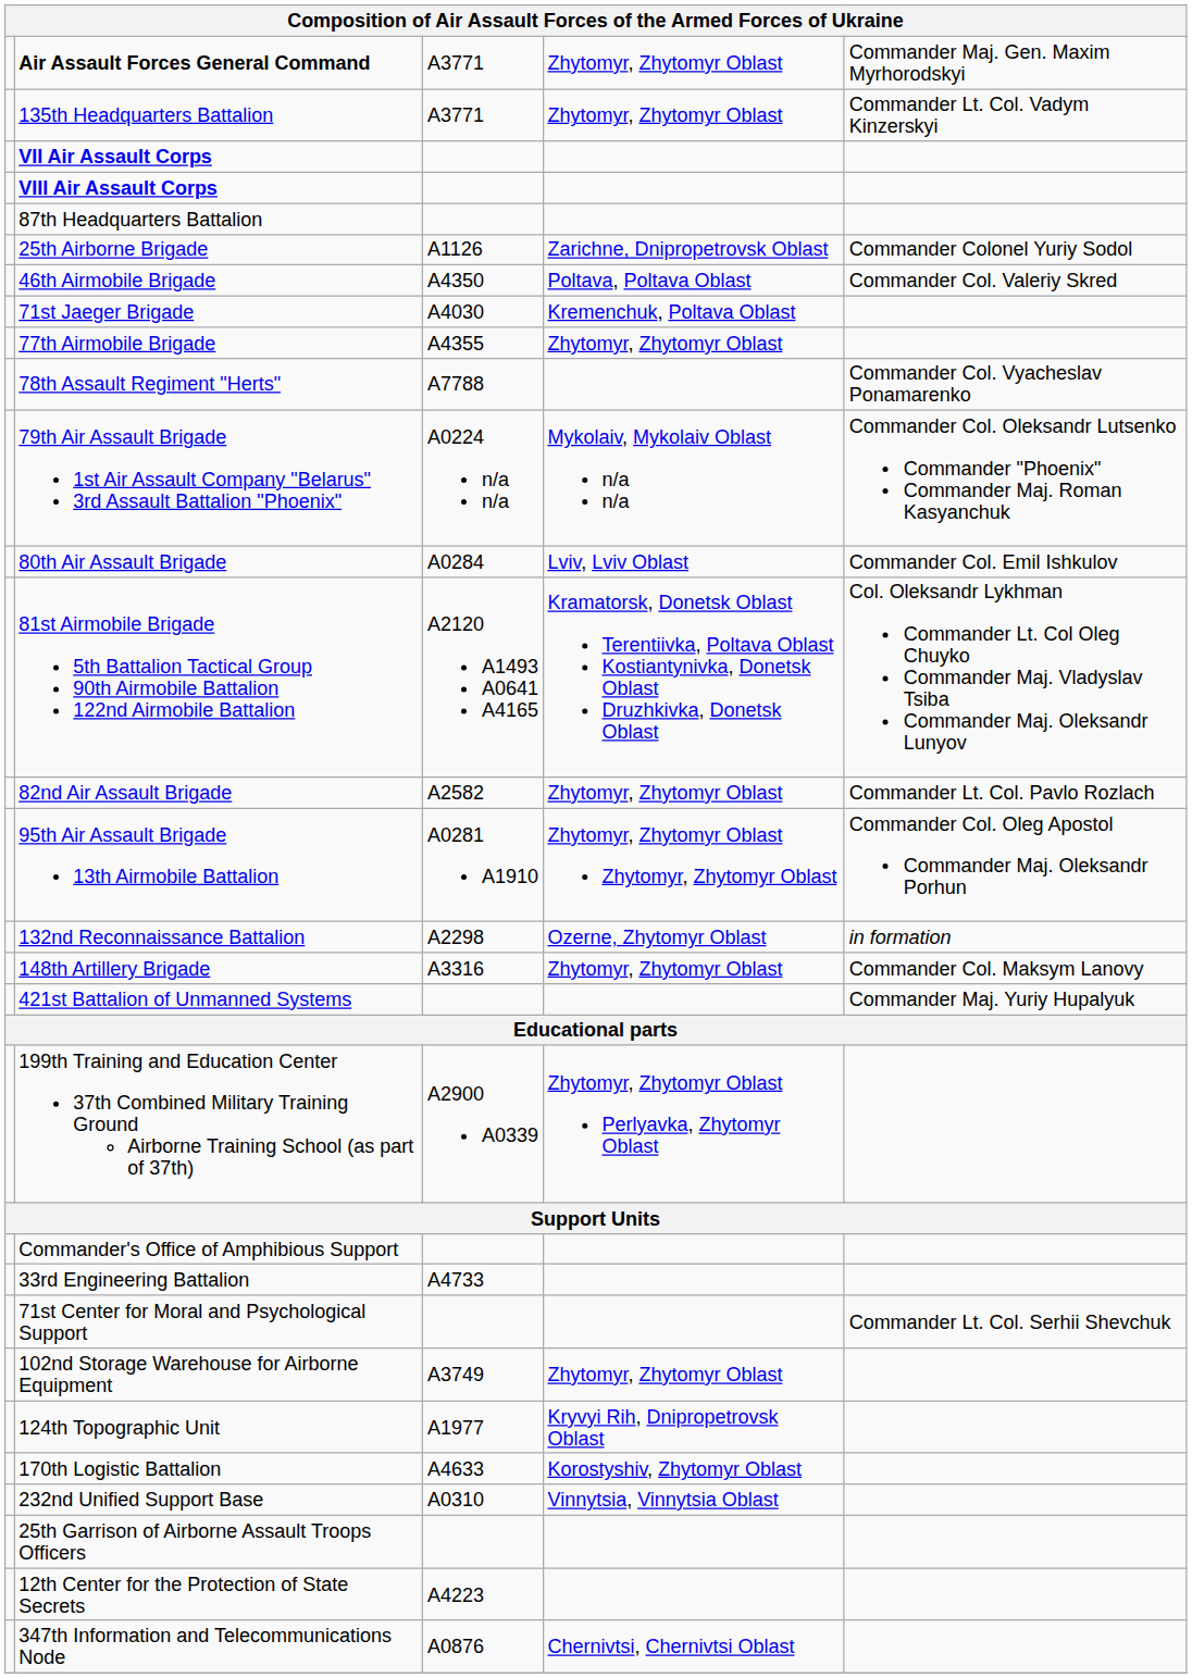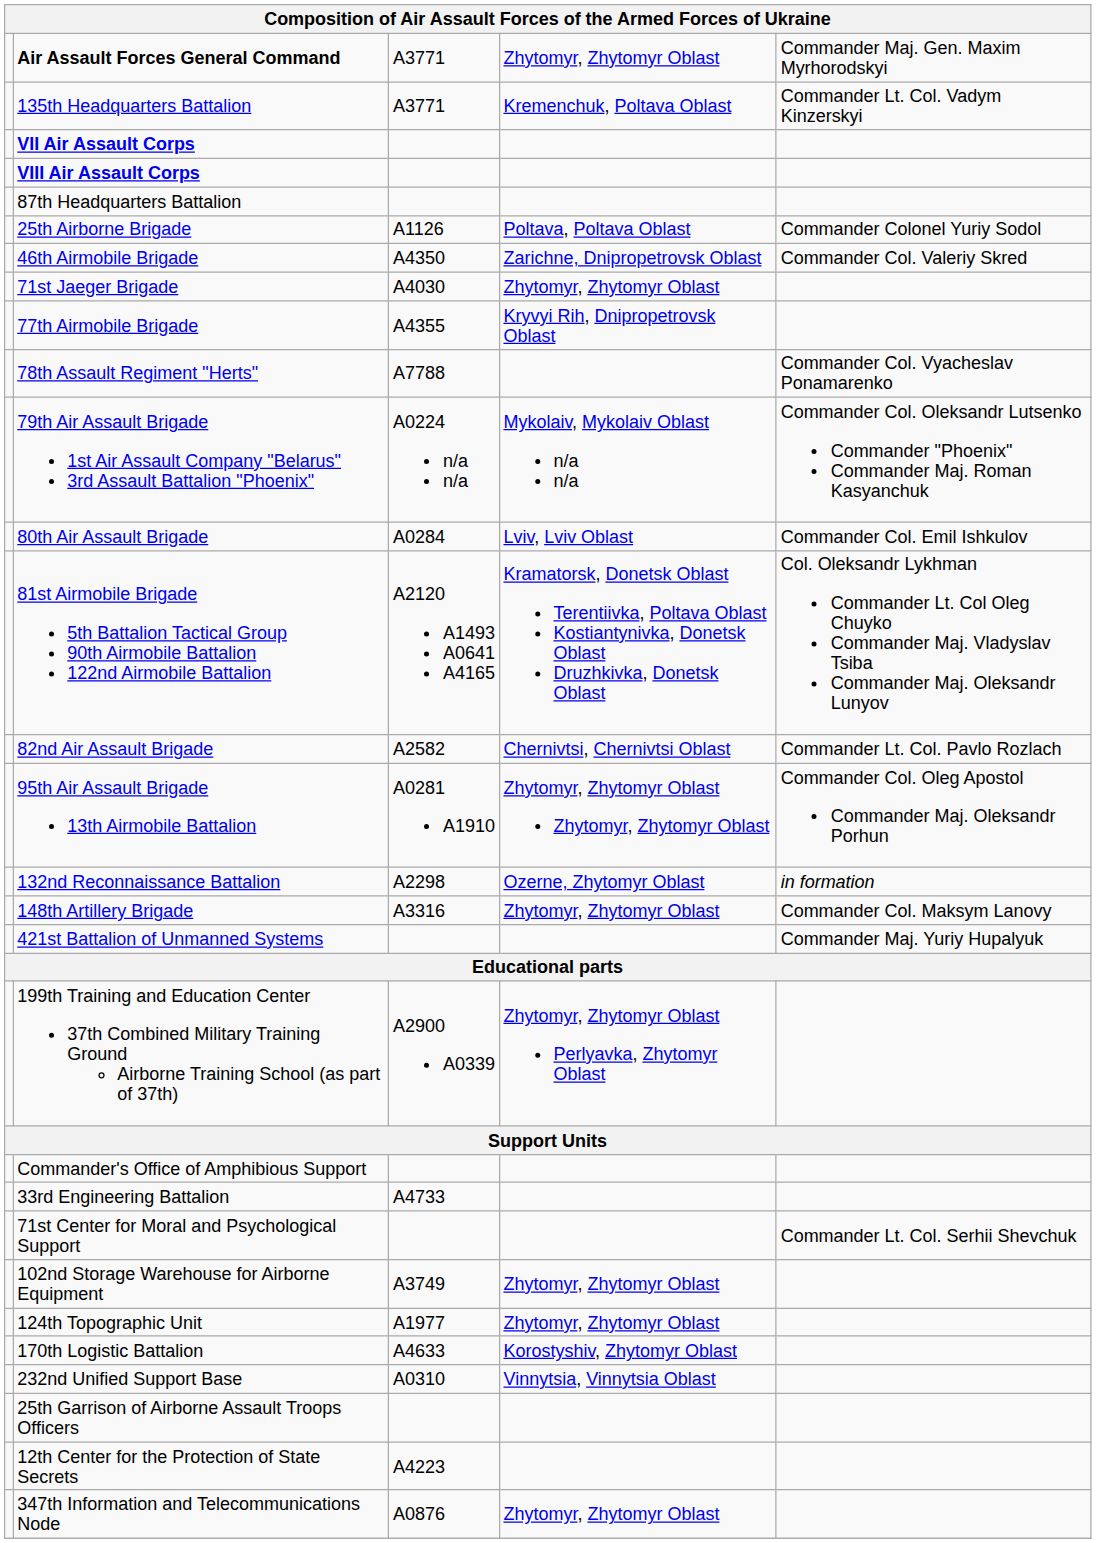 <table class="wikitable" style="font-size: 90%;">
 <tr align="center">
 <th colspan=10 style="width: 350px;">Composition of Air Assault Forces of the Armed Forces of Ukraine</th>
 </tr>
 <tr>
 <td></td>
 <td><strong>Air Assault Forces General Command</strong></td>
 <td>A3771</td>
 <td><a href='#'>Zhytomyr</a>, <a href='#'>Zhytomyr Oblast</a></td>
 <td>Commander Maj. Gen. Maxim Myrhorodskyi</td>
 </tr>
 <tr>
 <td></td>
 <td><a href='#'>135th Headquarters Battalion</a></td>
 <td>A3771</td>
-<td><a href='#'>Zhytomyr</a>, <a href='#'>Zhytomyr Oblast</a></td>
+<td><a href='#'>Kremenchuk</a>, <a href='#'>Poltava Oblast</a></td>
 <td>Commander Lt. Col. Vadym Kinzerskyi</td>
 </tr>
 <tr>
 <td></td>
 <td><strong><a href='#'>VII Air Assault Corps</a></strong></td>
 <td></td>
 <td></td>
 <td></td>
 </tr>
 <tr>
 <td></td>
 <td><strong><a href='#'>VIII Air Assault Corps</a></strong></td>
 <td></td>
 <td></td>
 <td></td>
 </tr>
 <tr>
 <td></td>
 <td>87th Headquarters Battalion</td>
 <td></td>
 <td></td>
 <td></td>
 </tr>
 <tr>
 <td></td>
 <td><a href='#'>25th Airborne Brigade</a></td>
 <td>A1126</td>
-<td><a href='#'>Zarichne, Dnipropetrovsk Oblast</a></td>
+<td><a href='#'>Poltava</a>, <a href='#'>Poltava Oblast</a></td>
 <td>Commander Colonel Yuriy Sodol</td>
 </tr>
 <tr>
 <td></td>
 <td><a href='#'>46th Airmobile Brigade</a></td>
 <td>A4350</td>
-<td><a href='#'>Poltava</a>, <a href='#'>Poltava Oblast</a></td>
+<td><a href='#'>Zarichne, Dnipropetrovsk Oblast</a></td>
 <td>Commander Col. Valeriy Skred</td>
 </tr>
 <tr>
 <td></td>
 <td><a href='#'>71st Jaeger Brigade</a></td>
 <td>A4030</td>
-<td><a href='#'>Kremenchuk</a>, <a href='#'>Poltava Oblast</a></td>
+<td><a href='#'>Zhytomyr</a>, <a href='#'>Zhytomyr Oblast</a></td>
 <td></td>
 </tr>
 <tr>
 <td></td>
 <td><a href='#'>77th Airmobile Brigade</a></td>
 <td>A4355</td>
-<td><a href='#'>Zhytomyr</a>, <a href='#'>Zhytomyr Oblast</a></td>
+<td><a href='#'>Kryvyi Rih</a>, <a href='#'>Dnipropetrovsk Oblast</a></td>
 <td></td>
 </tr>
 <tr>
 <td></td>
 <td><a href='#'>78th Assault Regiment "Herts"</a></td>
 <td>A7788</td>
 <td></td>
 <td>Commander Col. Vyacheslav Ponamarenko</td>
 </tr>
 <tr>
 <td><br> <br> </td>
 <td><a href='#'>79th Air Assault Brigade</a><br><ul><li><a href='#'>1st Air Assault Company "Belarus"</a></li><li><a href='#'>3rd Assault Battalion "Phoenix"</a></li></ul></td>
 <td>A0224<br><ul><li>n/a</li><li>n/a</li></ul></td>
 <td><a href='#'>Mykolaiv</a>, <a href='#'>Mykolaiv Oblast</a><br><ul><li>n/a</li><li>n/a</li></ul></td>
 <td>Commander Col. Oleksandr Lutsenko<br><ul><li>Commander "Phoenix"</li><li>Commander Maj. Roman Kasyanchuk</li></ul></td>
 </tr>
 <tr>
 <td></td>
 <td><a href='#'>80th Air Assault Brigade</a></td>
 <td>A0284</td>
 <td><a href='#'>Lviv</a>, <a href='#'>Lviv Oblast</a></td>
 <td>Commander Col. Emil Ishkulov</td>
 </tr>
 <tr>
 <td><br> <br>  <br> </td>
 <td><a href='#'>81st Airmobile Brigade</a><br><ul><li><a href='#'>5th Battalion Tactical Group</a></li><li><a href='#'>90th Airmobile Battalion</a></li><li><a href='#'>122nd Airmobile Battalion</a></li></ul></td>
 <td>A2120<br><ul><li>A1493</li><li>A0641</li><li>A4165</li></ul></td>
 <td><a href='#'>Kramatorsk</a>, <a href='#'>Donetsk Oblast</a><br><ul><li><a href='#'>Terentiivka</a>, <a href='#'>Poltava Oblast</a></li><li><a href='#'>Kostiantynivka</a>, <a href='#'>Donetsk Oblast</a></li><li><a href='#'>Druzhkivka</a>, <a href='#'>Donetsk Oblast</a></li></ul></td>
 <td>Col. Oleksandr Lykhman<br><ul><li>Commander Lt. Col Oleg Chuyko</li><li>Commander Maj. Vladyslav Tsiba</li><li>Commander Maj. Oleksandr Lunyov</li></ul></td>
 </tr>
 <tr>
 <td></td>
 <td><a href='#'>82nd Air Assault Brigade</a></td>
 <td>A2582</td>
-<td><a href='#'>Zhytomyr</a>, <a href='#'>Zhytomyr Oblast</a></td>
+<td><a href='#'>Chernivtsi</a>, <a href='#'>Chernivtsi Oblast</a></td>
 <td>Commander Lt. Col. Pavlo Rozlach</td>
 </tr>
 <tr>
 <td><br></td>
 <td><a href='#'>95th Air Assault Brigade</a><br><ul><li><a href='#'>13th Airmobile Battalion</a></li></ul></td>
 <td>A0281<br><ul><li>A1910</li></ul></td>
 <td><a href='#'>Zhytomyr</a>, <a href='#'>Zhytomyr Oblast</a><br><ul><li><a href='#'>Zhytomyr</a>, <a href='#'>Zhytomyr Oblast</a></li></ul></td>
 <td>Commander Col. Oleg Apostol<br><ul><li>Commander Maj. Oleksandr Porhun</li></ul></td>
 </tr>
 <tr>
 <td></td>
 <td><a href='#'>132nd Reconnaissance Battalion</a></td>
 <td>А2298</td>
 <td><a href='#'>Ozerne, Zhytomyr Oblast</a></td>
 <td><em>in formation</em></td>
 </tr>
 <tr>
 <td></td>
 <td><a href='#'>148th Artillery Brigade</a></td>
 <td>A3316</td>
 <td><a href='#'>Zhytomyr</a>, <a href='#'>Zhytomyr Oblast</a></td>
 <td>Commander Col. Maksym Lanovy</td>
 </tr>
 <tr>
 <td></td>
 <td><a href='#'>421st Battalion of Unmanned Systems</a></td>
 <td></td>
 <td></td>
 <td>Commander Maj. Yuriy Hupalyuk</td>
 </tr>
 <tr align="center">
 <th colspan=10 style="width: 350px;">Educational parts</th>
 </tr>
 <tr>
 <td></td>
 <td>199th Training and Education Center<br><ul><li>37th Combined Military Training Ground<ul><li>Airborne Training School (as part of 37th)</li></ul></li></ul></td>
 <td>A2900<br><ul><li>A0339</li></ul></td>
 <td><a href='#'>Zhytomyr</a>, <a href='#'>Zhytomyr Oblast</a><br><ul><li><a href='#'>Perlyavka</a>, <a href='#'>Zhytomyr Oblast</a></li></ul></td>
 <td></td>
 </tr>
 <tr align="center">
 <th colspan=10 style="width: 410px;">Support Units</th>
 </tr>
 <tr>
 <td></td>
 <td>Commander's Office of Amphibious Support</td>
 <td></td>
 <td></td>
 <td></td>
 </tr>
 <tr>
 <td></td>
 <td>33rd Engineering Battalion</td>
 <td>A4733</td>
 <td></td>
 <td></td>
 </tr>
 <tr>
 <td></td>
 <td>71st Center for Moral and Psychological Support</td>
 <td></td>
 <td></td>
 <td>Commander Lt. Col. Serhii Shevchuk</td>
 </tr>
 <tr>
 <td></td>
 <td>102nd Storage Warehouse for Airborne Equipment</td>
 <td>А3749</td>
 <td><a href='#'>Zhytomyr</a>, <a href='#'>Zhytomyr Oblast</a></td>
 <td></td>
 </tr>
 <tr>
 <td></td>
 <td>124th Topographic Unit</td>
 <td>A1977</td>
-<td><a href='#'>Kryvyi Rih</a>, <a href='#'>Dnipropetrovsk Oblast</a></td>
+<td><a href='#'>Zhytomyr</a>, <a href='#'>Zhytomyr Oblast</a></td>
 <td></td>
 </tr>
 <tr>
 <td></td>
 <td>170th Logistic Battalion</td>
 <td>A4633</td>
 <td><a href='#'>Korostyshiv</a>, <a href='#'>Zhytomyr Oblast</a></td>
 <td></td>
 </tr>
 <tr>
 <td></td>
 <td>232nd Unified Support Base</td>
 <td>A0310</td>
 <td><a href='#'>Vinnytsia</a>, <a href='#'>Vinnytsia Oblast</a></td>
 <td></td>
 </tr>
 <tr>
 <td></td>
 <td>25th Garrison of Airborne Assault Troops Officers</td>
 <td></td>
 <td></td>
 <td></td>
 </tr>
 <tr>
 <td></td>
 <td>12th Center for the Protection of State Secrets</td>
 <td>A4223</td>
 <td></td>
 <td></td>
 </tr>
 <tr>
 <td></td>
 <td>347th Information and Telecommunications Node</td>
 <td>A0876</td>
-<td><a href='#'>Chernivtsi</a>, <a href='#'>Chernivtsi Oblast</a></td>
+<td><a href='#'>Zhytomyr</a>, <a href='#'>Zhytomyr Oblast</a></td>
 <td></td>
 </tr>
 <tr>
 </tr>
 </table>
